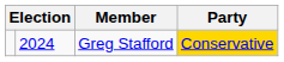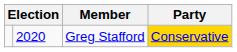 <table class="wikitable">
 <tr>
 <th colspan="2">Election</th>
 <th>Member</th>
 <th>Party</th>
 </tr>
 <tr>
 <td style="color:inherit;background-color: "></td>
-<td><a href='#'>2024</a></td>
+<td><a href='#'>2020</a></td>
 <td><a href='#'>Greg Stafford</a></td>
 <td style="background: gold;"><a href='#'>Conservative</a></td>
 </tr>
 </table>
